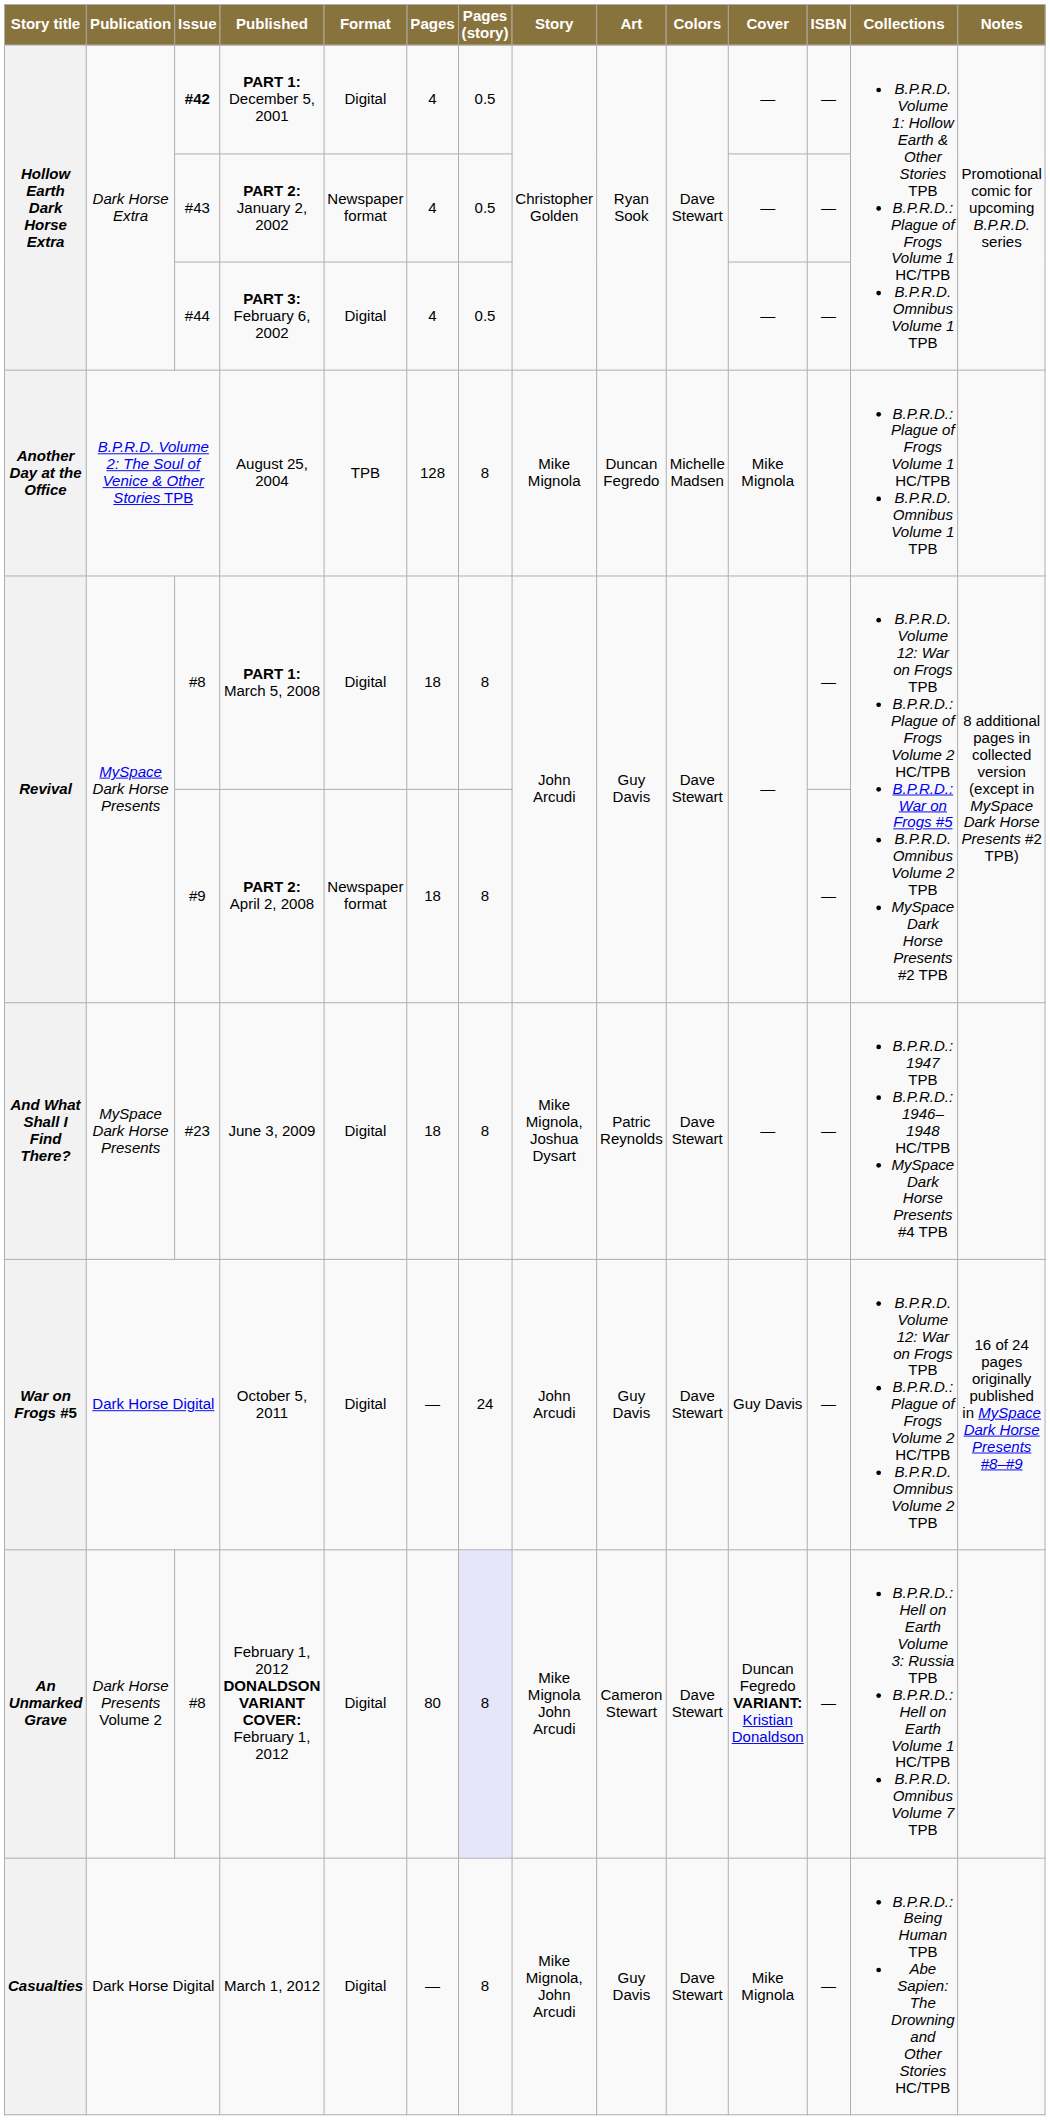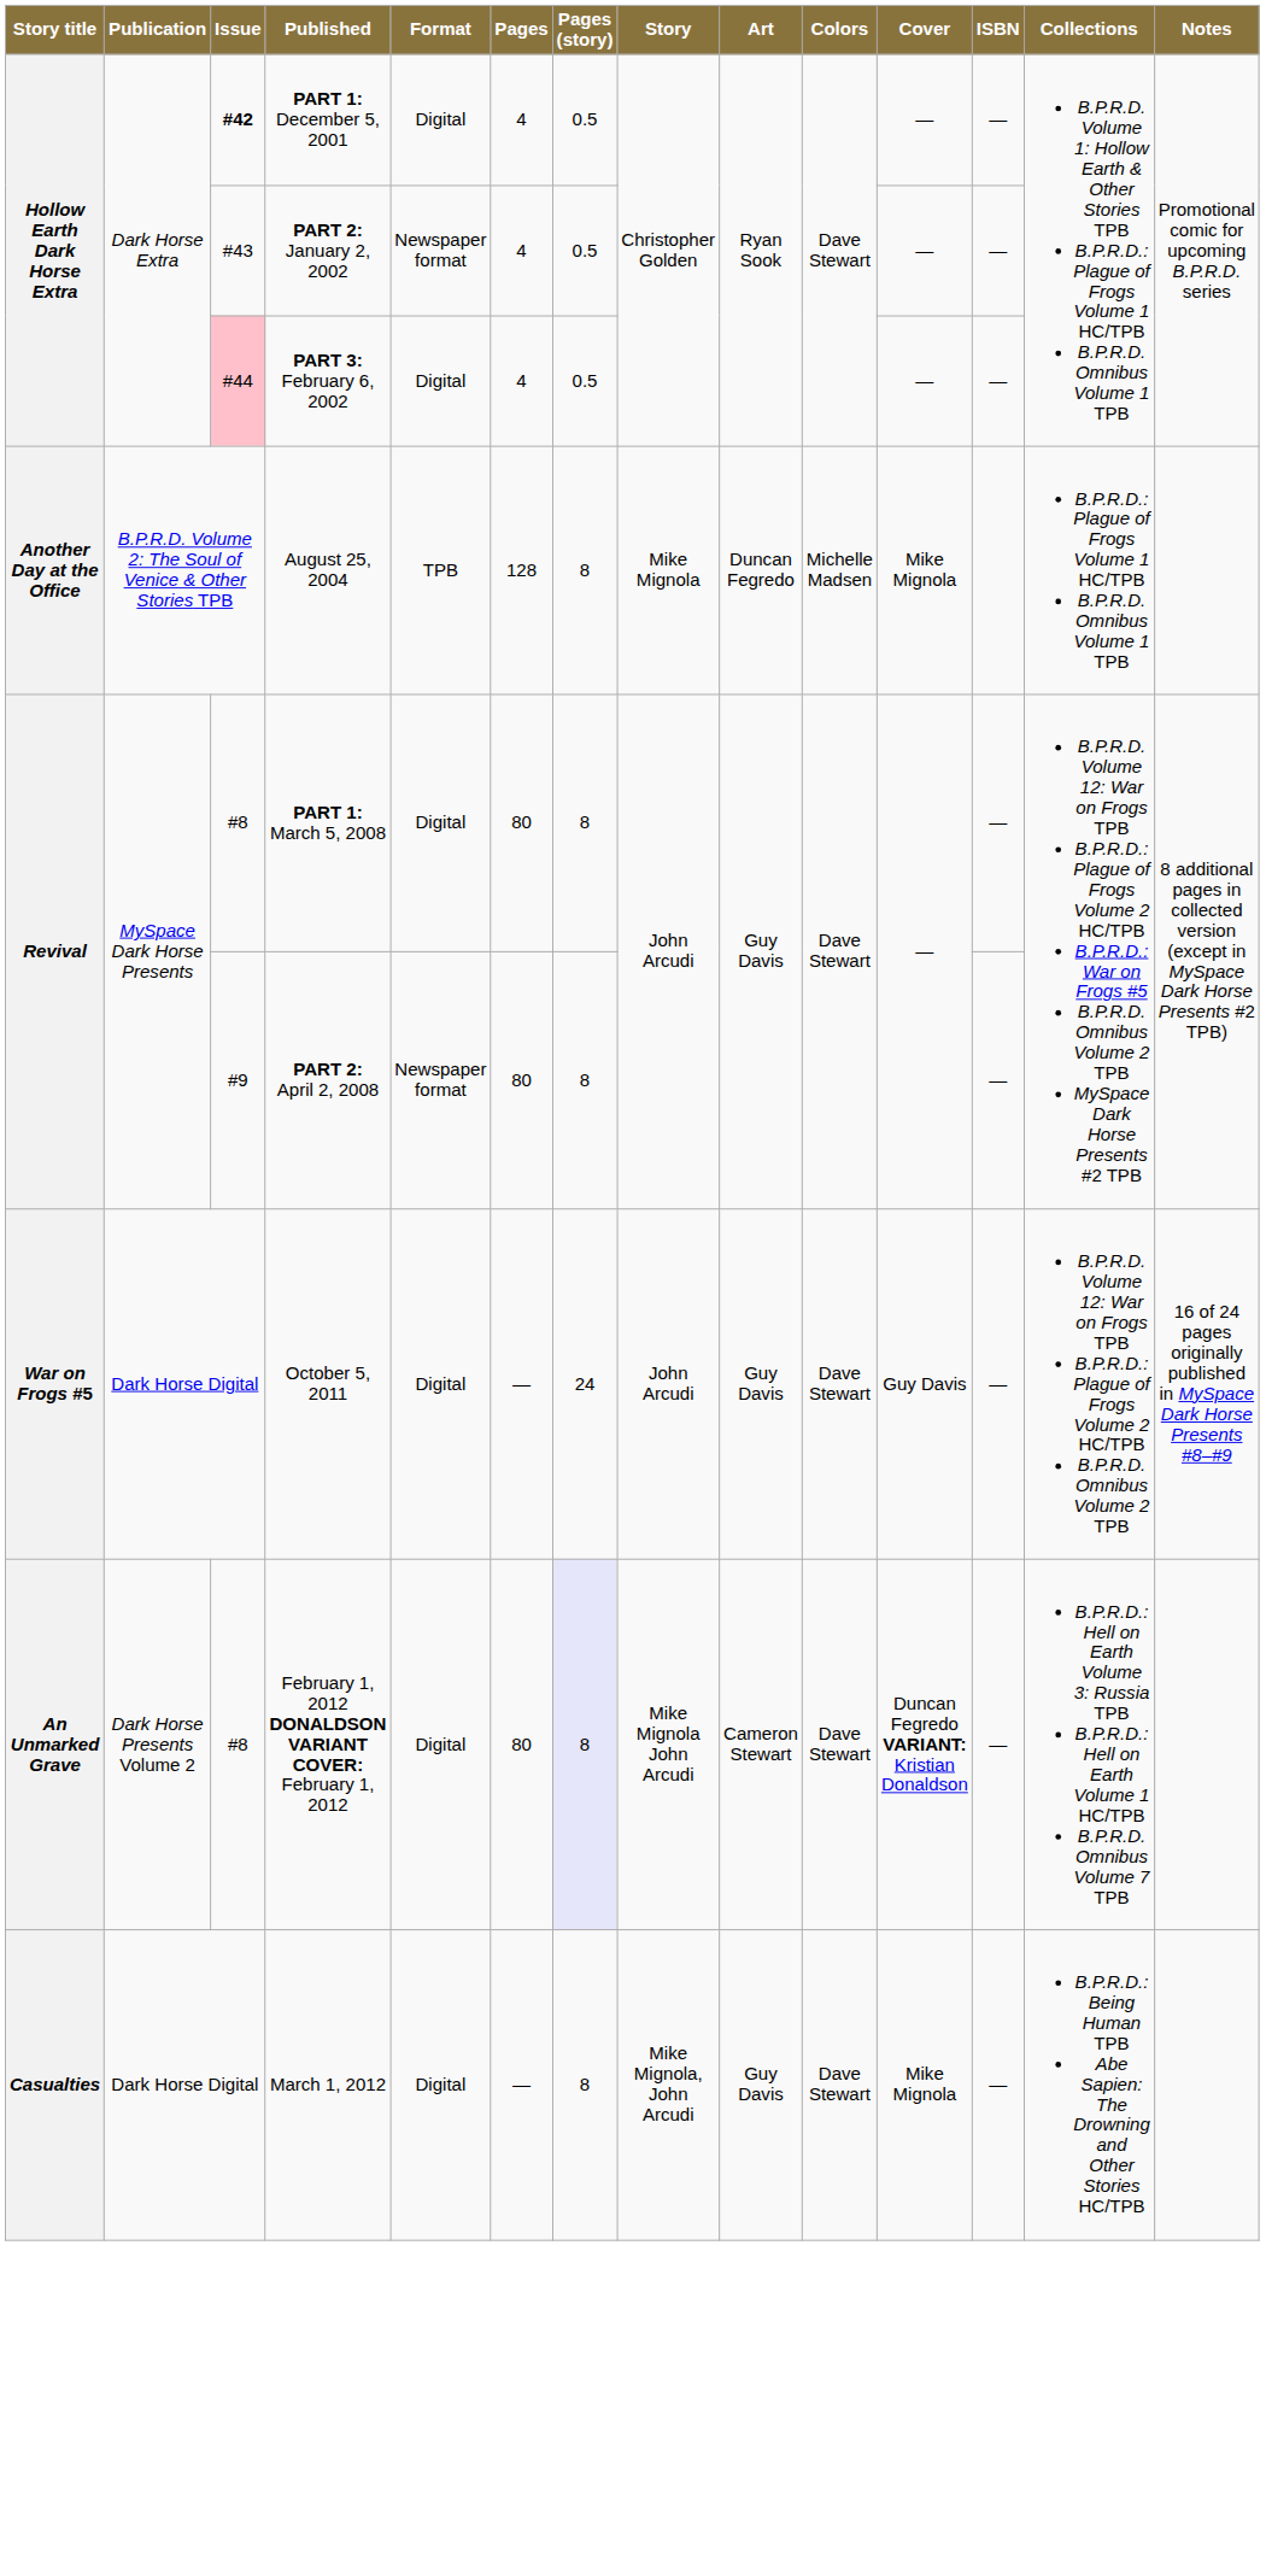 <table class="wikitable" style="text-align: center">
 <tr>
 <th style="background:#89733d; color:#fff;">Story title</th>
 <th style="background:#89733d; color:#fff;">Publication</th>
 <th style="background:#89733d; color:#fff;">Issue</th>
 <th style="background:#89733d; color:#fff;">Published</th>
 <th style="background:#89733d; color:#fff;">Format</th>
 <th style="background:#89733d; color:#fff;">Pages</th>
 <th style="background:#89733d; color:#fff;">Pages (story)</th>
 <th style="background:#89733d; color:#fff;">Story</th>
 <th style="background:#89733d; color:#fff;">Art</th>
 <th style="background:#89733d; color:#fff;">Colors</th>
 <th style="background:#89733d; color:#fff;">Cover</th>
 <th style="background:#89733d; color:#fff;">ISBN</th>
 <th style="background:#89733d; color:#fff;">Collections</th>
 <th style="background:#89733d; color:#fff;">Notes</th>
 </tr>
 <tr id="Dark_Horse_Extra_42'">
 <th rowspan=3><em>Hollow Earth Dark Horse Extra</em></th>
 <td rowspan=3><em>Dark Horse Extra</em></td>
 <td><strong>#42</strong></td>
 <td><strong><span>PART 1:</span></strong><br>December 5, 2001</td>
 <td>Digital</td>
 <td>4</td>
 <td>0.5</td>
 <td rowspan=3>Christopher Golden</td>
 <td rowspan=3>Ryan Sook</td>
 <td rowspan=3>Dave Stewart</td>
 <td>—</td>
 <td>—</td>
 <td rowspan=3><br><ul><li><em>B.P.R.D. Volume 1: Hollow Earth & Other Stories</em> TPB</li><li><em>B.P.R.D.: Plague of Frogs Volume 1</em> HC/TPB</li><li><em>B.P.R.D. Omnibus Volume 1</em> TPB</li></ul></td>
 <td rowspan=3>Promotional comic for upcoming <em>B.P.R.D.</em> series</td>
 </tr>
 <tr>
 <td>#43</td>
 <td><strong><span>PART 2:</span></strong><br>January 2, 2002</td>
 <td>Newspaper<br>format</td>
 <td>4</td>
 <td>0.5</td>
 <td>—</td>
 <td>—</td>
 </tr>
 <tr>
-<td>#44</td>
+<td style="background: pink;">#44</td>
 <td><strong><span>PART 3:</span></strong><br>February 6, 2002</td>
 <td>Digital</td>
 <td>4</td>
 <td>0.5</td>
 <td>—</td>
 <td>—</td>
 </tr>
 <tr id="BPRD_Another_Day_at_the_Office">
 <th><em>Another Day at the Office</em></th>
 <td colspan=2><a href='#'><em>B.P.R.D. Volume 2: The Soul of Venice & Other Stories</em> TPB</a></td>
 <td>August 25, 2004</td>
 <td>TPB</td>
 <td>128</td>
 <td>8</td>
 <td>Mike Mignola</td>
 <td>Duncan Fegredo</td>
 <td>Michelle Madsen</td>
 <td>Mike Mignola</td>
 <td></td>
 <td><br><ul><li><em>B.P.R.D.: Plague of Frogs Volume 1</em> HC/TPB</li><li><em>B.P.R.D. Omnibus Volume 1</em> TPB</li></ul></td>
 <td></td>
 </tr>
 <tr id="MySpace_Dark_Horse_Presents_8">
 <th rowspan=2><em>Revival</em></th>
 <td rowspan=2><em><a href='#'>MySpace</a> Dark Horse Presents</em></td>
 <td>#8</td>
 <td><strong><span>PART 1:</span></strong><br>March 5, 2008</td>
 <td>Digital</td>
-<td>18</td>
+<td>80</td>
 <td>8</td>
 <td rowspan=2>John Arcudi</td>
 <td rowspan=2>Guy Davis</td>
 <td rowspan=2>Dave Stewart</td>
 <td rowspan=2>—</td>
 <td>—</td>
 <td rowspan=2><br><ul><li><em>B.P.R.D. Volume 12: War on Frogs</em> TPB</li><li><em>B.P.R.D.: Plague of Frogs Volume 2</em> HC/TPB</li><li><a href='#'><em>B.P.R.D.: War on Frogs #5</em></a></li><li><em>B.P.R.D. Omnibus Volume 2</em> TPB</li><li><em>MySpace Dark Horse Presents</em> #2 TPB</li></ul></td>
 <td rowspan=2>8 additional pages in collected version (except in <em>MySpace Dark Horse Presents</em> #2 TPB)</td>
 </tr>
 <tr>
 <td>#9</td>
 <td><strong><span>PART 2:</span></strong><br>April 2, 2008</td>
 <td>Newspaper<br>format</td>
-<td>18</td>
+<td>80</td>
 <td>8</td>
 <td>—</td>
-</tr>
-<tr id="MySpace_Dark_Horse_Presents_23">
-<th><em>And What Shall I Find There?</em></th>
-<td><em>MySpace Dark Horse Presents</em></td>
-<td>#23</td>
-<td>June 3, 2009</td>
-<td>Digital</td>
-<td>18</td>
-<td>8</td>
-<td>Mike Mignola,<br>Joshua Dysart</td>
-<td>Patric Reynolds</td>
-<td>Dave Stewart</td>
-<td>—</td>
-<td>—</td>
-<td><br><ul><li><em>B.P.R.D.: 1947</em> TPB</li><li><em>B.P.R.D.: 1946–1948</em> HC/TPB</li><li><em>MySpace Dark Horse Presents</em> #4 TPB</li></ul></td>
-<td></td>
 </tr>
 <tr id="BPRD_War_on_Frogs_5">
 <th><em>War on Frogs</em> #5</th>
 <td colspan=2><a href='#'>Dark Horse Digital</a></td>
 <td>October 5, 2011</td>
 <td>Digital</td>
 <td>—</td>
 <td>24</td>
 <td>John Arcudi</td>
 <td>Guy Davis</td>
 <td>Dave Stewart</td>
 <td>Guy Davis</td>
 <td>—</td>
 <td><br><ul><li><em>B.P.R.D. Volume 12: War on Frogs</em> TPB</li><li><em>B.P.R.D.: Plague of Frogs Volume 2</em> HC/TPB</li><li><em>B.P.R.D. Omnibus Volume 2</em> TPB</li></ul></td>
 <td>16 of 24 pages originally published in <a href='#'><em>MySpace Dark Horse Presents #8–#9</em></a></td>
 </tr>
 <tr id="Dark_Horse_Presents_vol2_8">
 <th><em>An Unmarked Grave</em></th>
 <td><em>Dark Horse Presents</em><br>Volume 2</td>
 <td>#8</td>
 <td>February 1, 2012<br><strong><span>DONALDSON VARIANT COVER:</span></strong><br>February 1, 2012</td>
 <td>Digital</td>
 <td>80</td>
 <td style="background: lavender;">8</td>
 <td>Mike Mignola<br>John Arcudi</td>
 <td>Cameron Stewart</td>
 <td>Dave Stewart</td>
 <td>Duncan Fegredo<br><strong><span>VARIANT:</span></strong><br><a href='#'>Kristian Donaldson</a></td>
 <td>—</td>
 <td><br><ul><li><em>B.P.R.D.: Hell on Earth Volume 3: Russia</em> TPB</li><li><em>B.P.R.D.: Hell on Earth Volume 1</em> HC/TPB</li><li><em>B.P.R.D. Omnibus Volume 7</em> TPB</li></ul></td>
 <td></td>
 </tr>
 <tr id="BPRD_Casualties">
 <th><em>Casualties</em></th>
 <td colspan=2>Dark Horse Digital</td>
 <td>March 1, 2012</td>
 <td>Digital</td>
 <td>—</td>
 <td>8</td>
 <td>Mike Mignola,<br>John Arcudi</td>
 <td>Guy Davis</td>
 <td>Dave Stewart</td>
 <td>Mike Mignola</td>
 <td>—</td>
 <td><br><ul><li><em>B.P.R.D.: Being Human</em> TPB</li><li><em>Abe Sapien: The Drowning and Other Stories</em> HC/TPB</li></ul></td>
 <td></td>
 </tr>
 </table>
